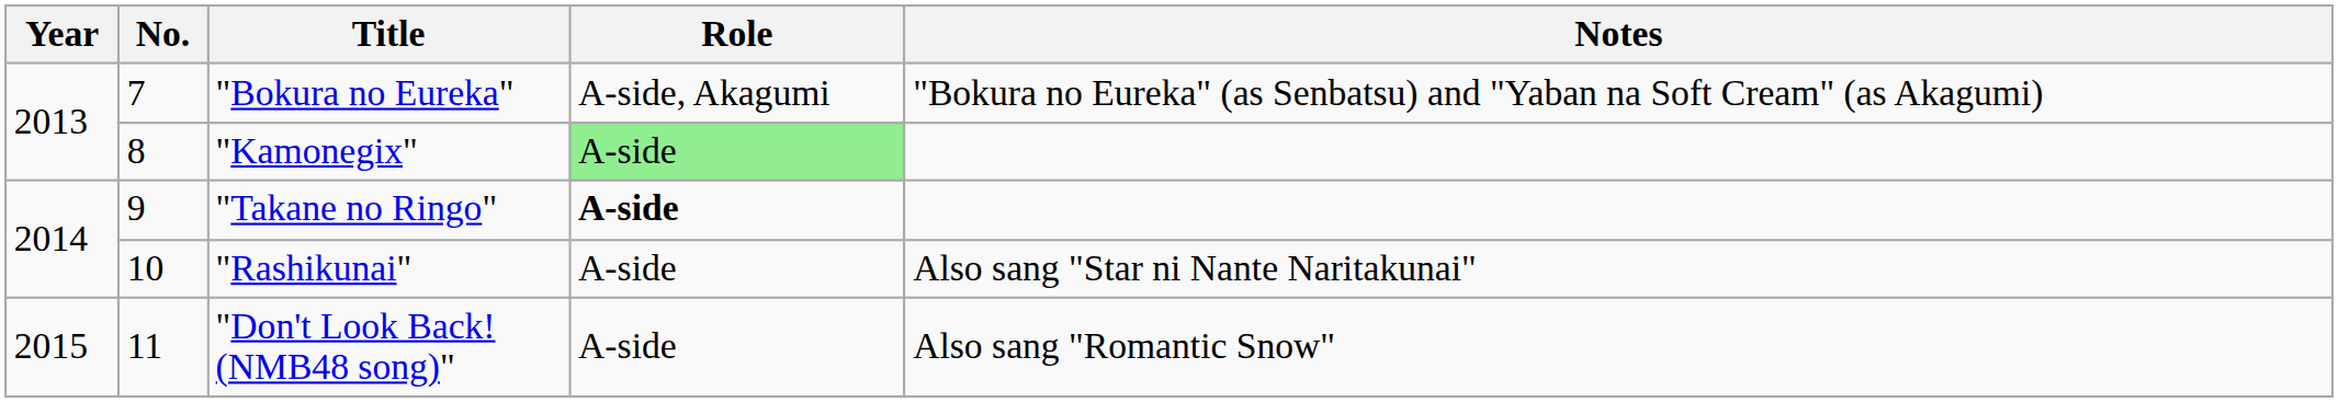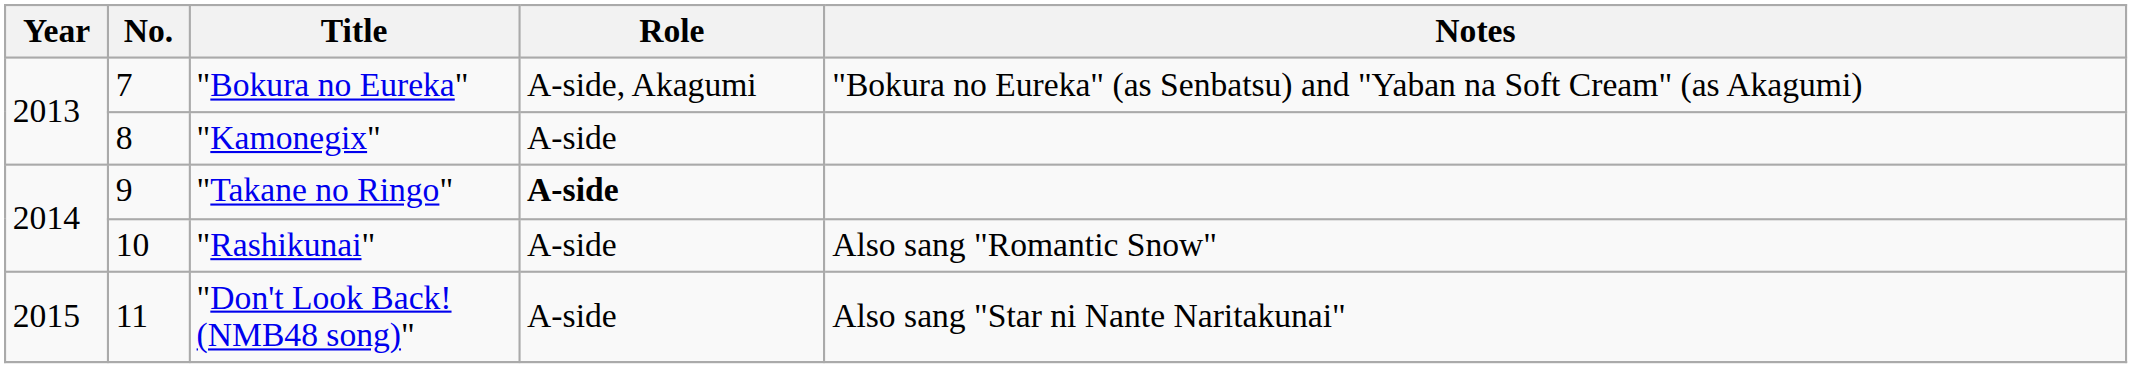 <table class="wikitable" width=80%>
 <tr>
 <th>Year</th>
 <th data-sort-type="number">No. </th>
 <th style="width:150px;">Title </th>
 <th>Role </th>
 <th class="unsortable">Notes </th>
 </tr>
 <tr>
 <td rowspan='2'>2013</td>
 <td>7</td>
 <td>"<a href='#'>Bokura no Eureka</a>"</td>
 <td>A-side, Akagumi</td>
 <td>"Bokura no Eureka" (as Senbatsu) and "Yaban na Soft Cream" (as Akagumi)</td>
 </tr>
 <tr>
 <td>8</td>
 <td>"<a href='#'>Kamonegix</a>"</td>
-<td style="background: lightgreen;">A-side</td>
+<td>A-side</td>
 <td></td>
 </tr>
 <tr>
 <td rowspan='2'>2014</td>
 <td>9</td>
 <td>"<a href='#'>Takane no Ringo</a>"</td>
 <td><strong>A-side</strong></td>
 <td></td>
 </tr>
 <tr>
 <td>10</td>
 <td>"<a href='#'>Rashikunai</a>"</td>
 <td>A-side</td>
-<td>Also sang "Star ni Nante Naritakunai"</td>
+<td>Also sang "Romantic Snow"</td>
 </tr>
 <tr>
 <td rowspan='1'>2015</td>
 <td>11</td>
 <td>"<a href='#'>Don't Look Back! (NMB48 song)</a>"</td>
 <td>A-side</td>
-<td>Also sang "Romantic Snow"</td>
+<td>Also sang "Star ni Nante Naritakunai"</td>
 </tr>
 <tr>
 </tr>
 </table>
